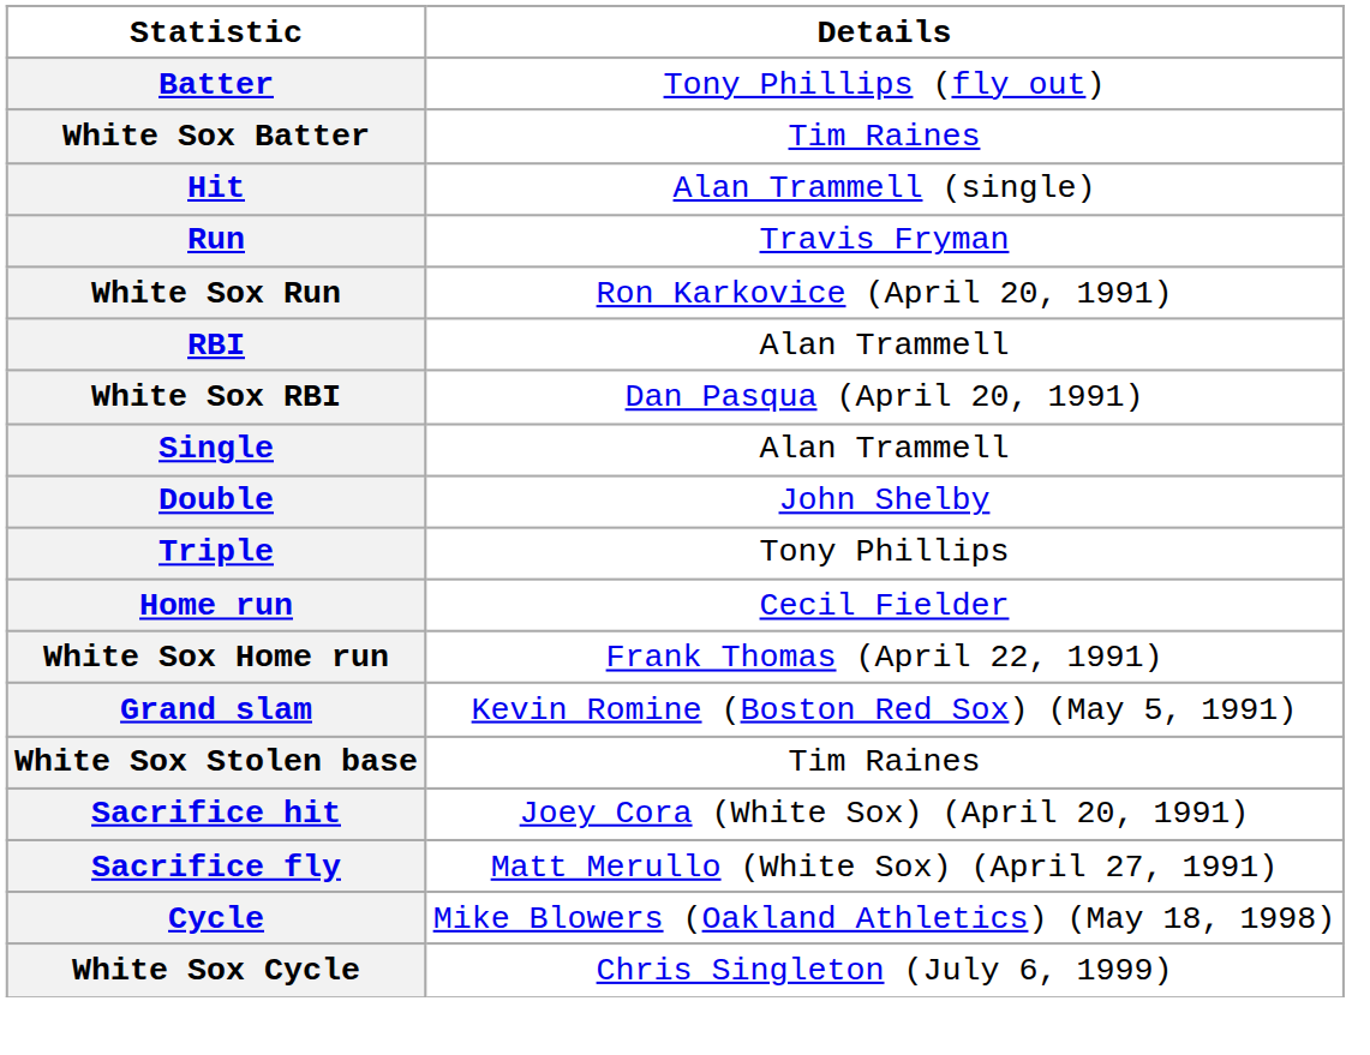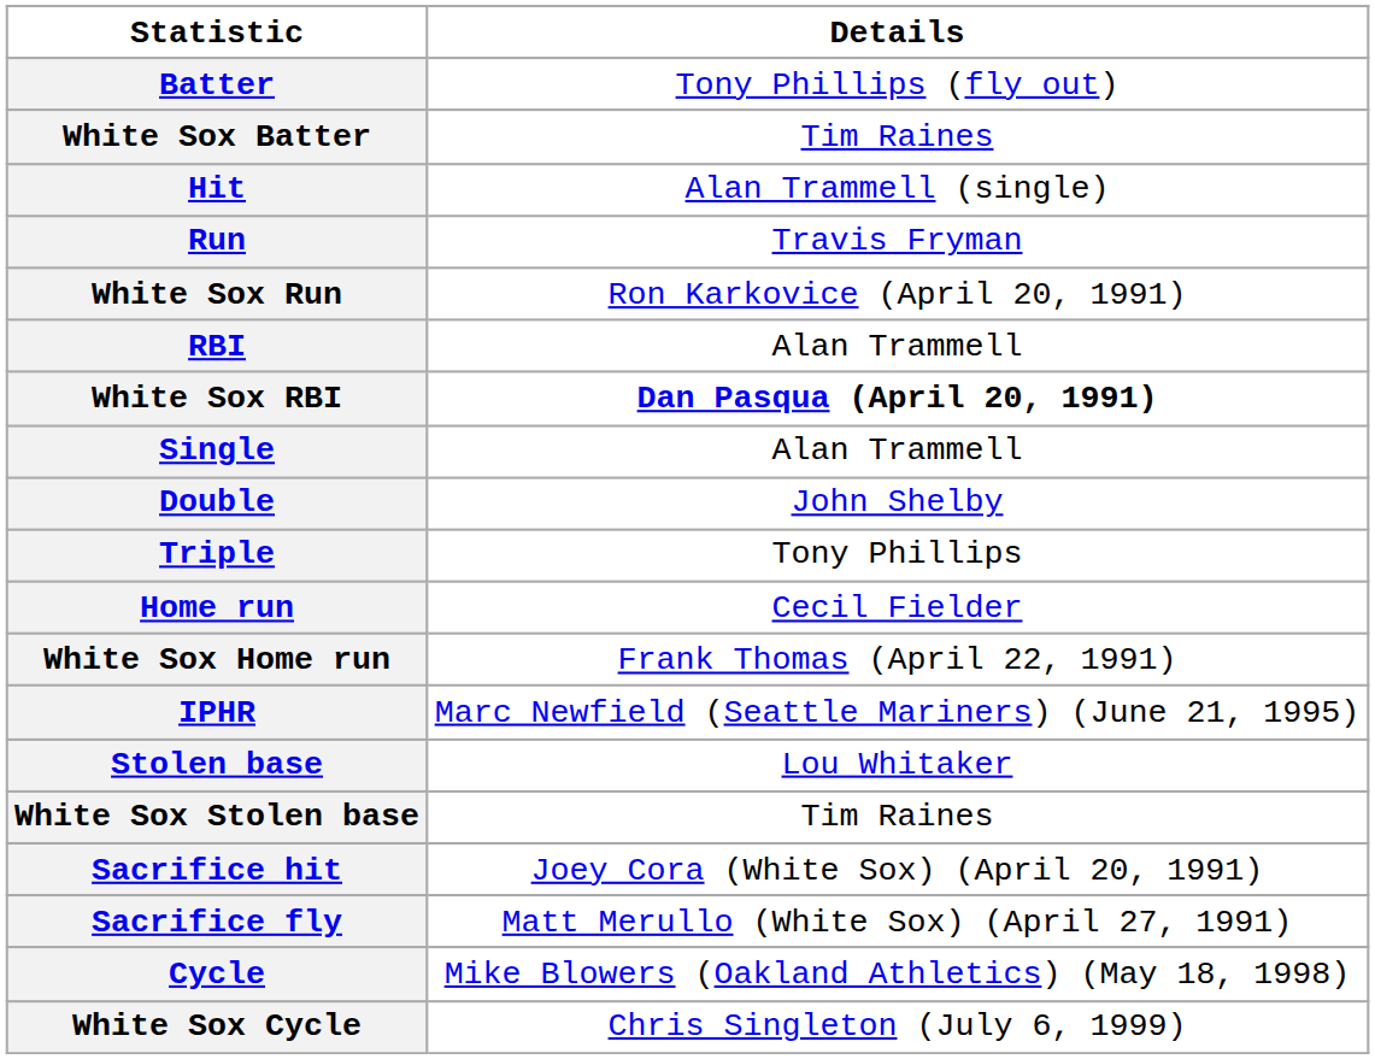 <table class="wikitable" align=center style="margin-left:15px; text-align:center; background:#ffffff;">
 <tr>
 <td><strong>Statistic</strong></td>
 <td><strong>Details</strong></td>
 </tr>
 <tr>
 <th><a href='#'>Batter</a></th>
 <td><a href='#'>Tony Phillips</a> (<a href='#'>fly out</a>)</td>
 </tr>
 <tr>
 <th>White Sox Batter</th>
 <td><a href='#'>Tim Raines</a></td>
 </tr>
 <tr>
 <th><a href='#'>Hit</a></th>
 <td><a href='#'>Alan Trammell</a> (single)</td>
 </tr>
 <tr>
 <th><a href='#'>Run</a></th>
 <td><a href='#'>Travis Fryman</a></td>
 </tr>
 <tr>
 <th>White Sox Run</th>
 <td><a href='#'>Ron Karkovice</a> (April 20, 1991)</td>
 </tr>
 <tr>
 <th><a href='#'>RBI</a></th>
 <td>Alan Trammell</td>
 </tr>
 <tr>
 <th>White Sox RBI</th>
-<td><a href='#'>Dan Pasqua</a> (April 20, 1991)</td>
+<td><strong><a href='#'>Dan Pasqua</a> (April 20, 1991)</strong></td>
 </tr>
 <tr>
 <th><a href='#'>Single</a></th>
 <td>Alan Trammell</td>
 </tr>
 <tr>
 <th><a href='#'>Double</a></th>
 <td><a href='#'>John Shelby</a></td>
 </tr>
 <tr>
 <th><a href='#'>Triple</a></th>
 <td>Tony Phillips</td>
 </tr>
 <tr>
 <th><a href='#'>Home run</a></th>
 <td><a href='#'>Cecil Fielder</a></td>
 </tr>
 <tr>
 <th>White Sox Home run</th>
 <td><a href='#'>Frank Thomas</a> (April 22, 1991)</td>
 </tr>
 <tr>
-<th><a href='#'>Grand slam</a></th>
-<td><a href='#'>Kevin Romine</a> (<a href='#'>Boston Red Sox</a>) (May 5, 1991)</td>
+<th><a href='#'>IPHR</a></th>
+<td><a href='#'>Marc Newfield</a> (<a href='#'>Seattle Mariners</a>) (June 21, 1995)</td>
+</tr>
+<tr>
+<th><a href='#'>Stolen base</a></th>
+<td><a href='#'>Lou Whitaker</a></td>
 </tr>
 <tr>
 <th>White Sox Stolen base</th>
 <td>Tim Raines</td>
 </tr>
 <tr>
 <th><a href='#'>Sacrifice hit</a></th>
 <td><a href='#'>Joey Cora</a> (White Sox) (April 20, 1991)</td>
 </tr>
 <tr>
 <th><a href='#'>Sacrifice fly</a></th>
 <td><a href='#'>Matt Merullo</a> (White Sox) (April 27, 1991)</td>
 </tr>
 <tr>
 <th><a href='#'>Cycle</a></th>
 <td><a href='#'>Mike Blowers</a> (<a href='#'>Oakland Athletics</a>) (May 18, 1998)</td>
 </tr>
 <tr>
 <th>White Sox Cycle</th>
 <td><a href='#'>Chris Singleton</a> (July 6, 1999)</td>
 </tr>
 </table>
